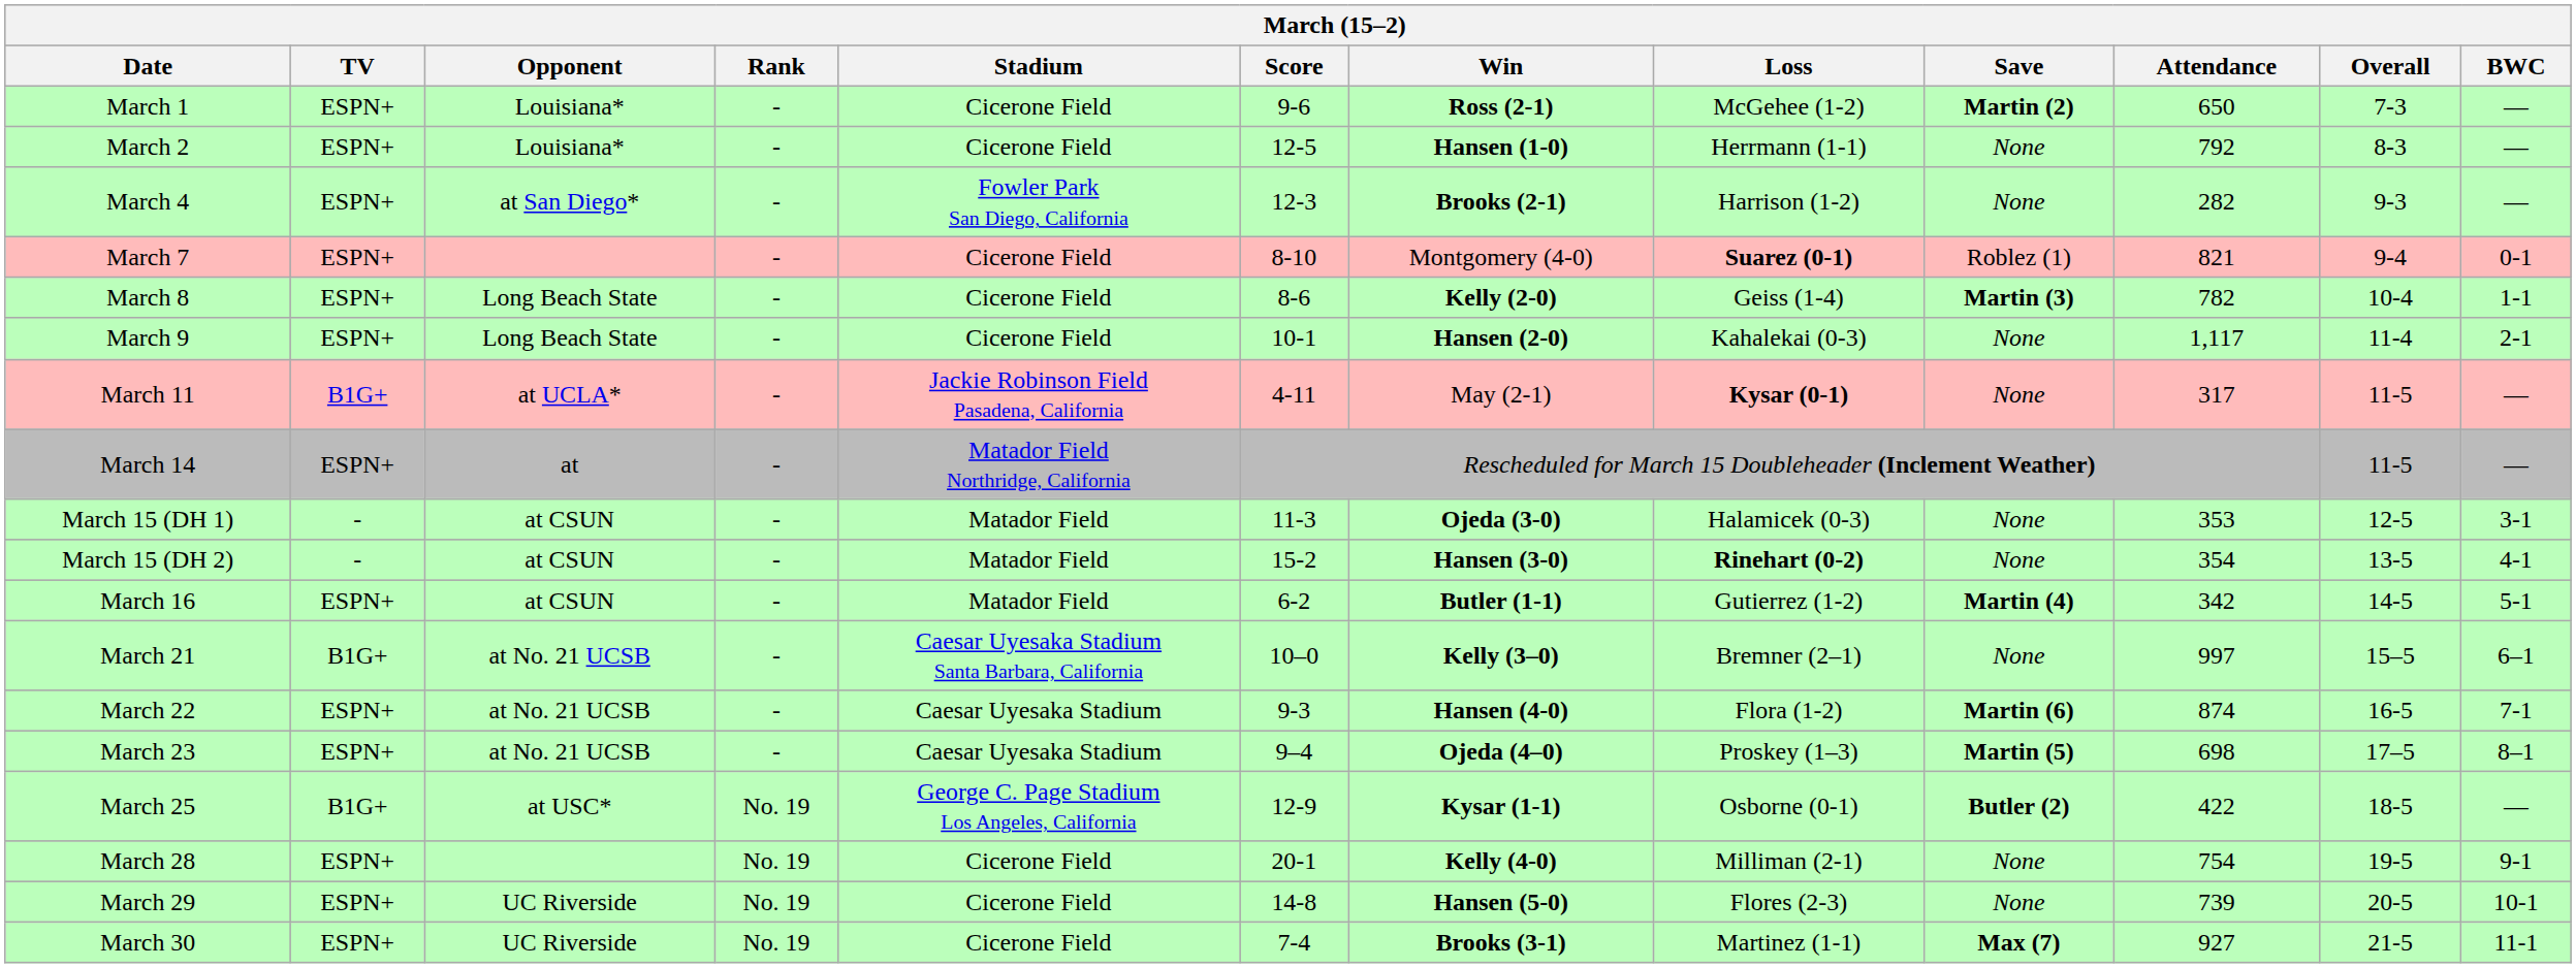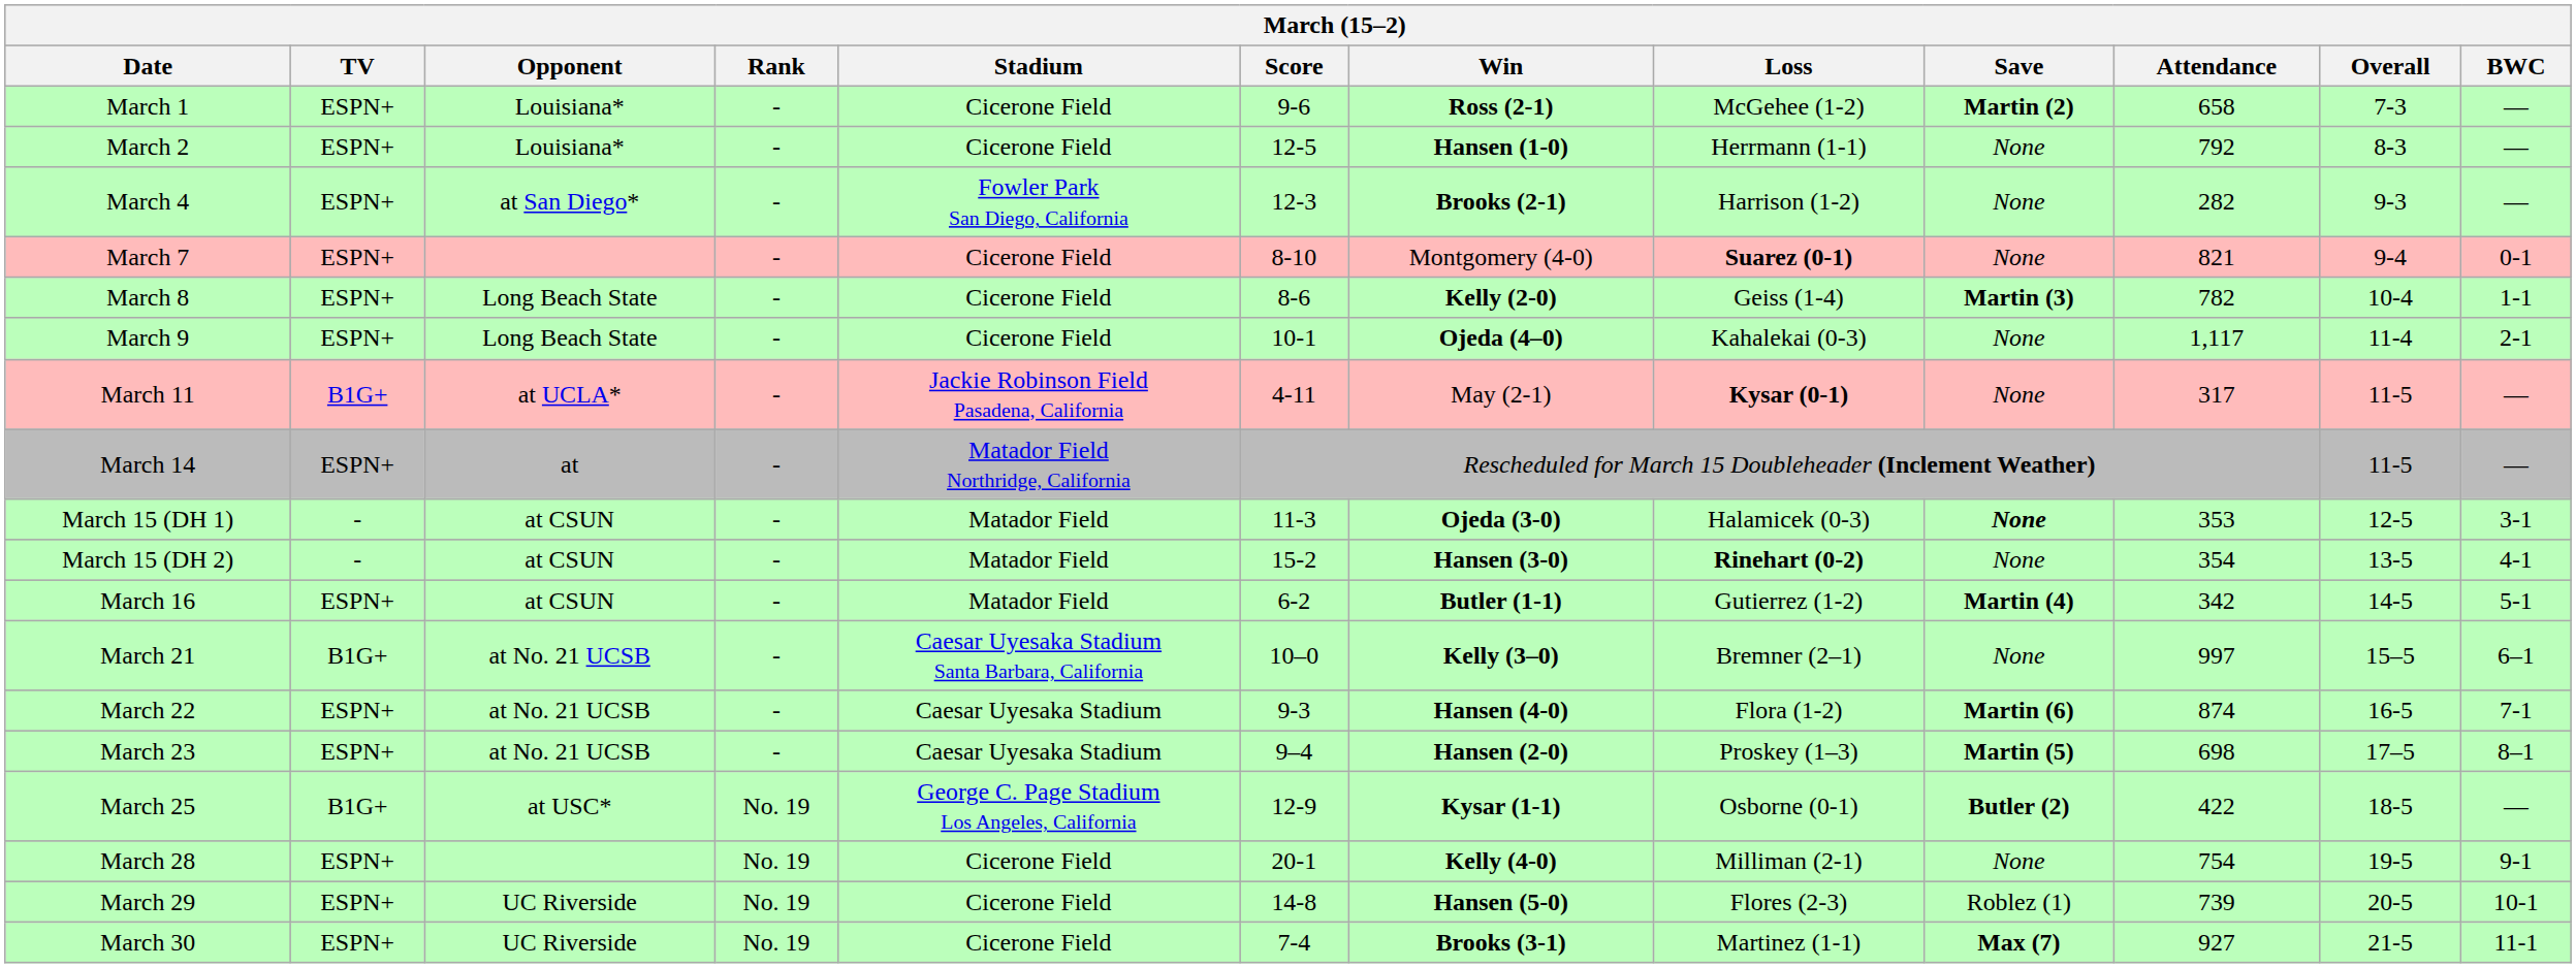 <table class="wikitable collapsible collapsed" style="margin:auto; width:100%; text-align:center; font-size:95%">
 <tr>
 <th colspan=12 style="padding-left:4em;">March (15–2)</th>
 </tr>
 <tr>
 <th bgcolor="#DDDDFF">Date</th>
 <th bgcolor="#DDDDFF">TV</th>
 <th bgcolor="#DDDDFF">Opponent</th>
 <th bgcolor="#DDDDFF">Rank</th>
 <th bgcolor="#DDDDFF">Stadium</th>
 <th bgcolor="#DDDDFF">Score</th>
 <th bgcolor="#DDDDFF">Win</th>
 <th bgcolor="#DDDDFF">Loss</th>
 <th bgcolor="#DDDDFF">Save</th>
 <th bgcolor="#DDDDFF">Attendance</th>
 <th bgcolor="#DDDDFF">Overall</th>
 <th bgcolor="#DDDDFF">BWC</th>
 </tr>
 <tr bgcolor="bbffbb">
 <td>March 1</td>
 <td>ESPN+</td>
 <td>Louisiana*</td>
 <td>-</td>
 <td>Cicerone Field</td>
 <td>9-6</td>
 <td><strong>Ross (2-1)</strong></td>
 <td>McGehee (1-2)</td>
 <td><strong>Martin (2)</strong></td>
-<td>650</td>
+<td>658</td>
 <td>7-3</td>
 <td>—</td>
 </tr>
 <tr bgcolor="bbffbb">
 <td>March 2</td>
 <td>ESPN+</td>
 <td>Louisiana*</td>
 <td>-</td>
 <td>Cicerone Field</td>
 <td>12-5</td>
 <td><strong>Hansen (1-0)</strong></td>
 <td>Herrmann (1-1)</td>
 <td><em>None</em></td>
 <td>792</td>
 <td>8-3</td>
 <td>—</td>
 </tr>
 <tr bgcolor="bbffbb">
 <td>March 4</td>
 <td>ESPN+</td>
 <td>at <a href='#'>San Diego</a>*</td>
 <td>-</td>
 <td><a href='#'>Fowler Park</a><br><small><a href='#'>San Diego, California</a></small></td>
 <td>12-3</td>
 <td><strong>Brooks (2-1)</strong></td>
 <td>Harrison (1-2)</td>
 <td><em>None</em></td>
 <td>282</td>
 <td>9-3</td>
 <td>—</td>
 </tr>
 <tr bgcolor="ffbbbb">
 <td>March 7</td>
 <td>ESPN+</td>
 <td></td>
 <td>-</td>
 <td>Cicerone Field</td>
 <td>8-10</td>
 <td>Montgomery (4-0)</td>
 <td><strong>Suarez (0-1)</strong></td>
-<td>Roblez (1)</td>
+<td><em>None</em></td>
 <td>821</td>
 <td>9-4</td>
 <td>0-1</td>
 </tr>
 <tr bgcolor="bbffbb">
 <td>March 8</td>
 <td>ESPN+</td>
 <td>Long Beach State</td>
 <td>-</td>
 <td>Cicerone Field</td>
 <td>8-6</td>
 <td><strong>Kelly (2-0)</strong></td>
 <td>Geiss (1-4)</td>
 <td><strong>Martin (3)</strong></td>
 <td>782</td>
 <td>10-4</td>
 <td>1-1</td>
 </tr>
 <tr bgcolor="bbffbb">
 <td>March 9</td>
 <td>ESPN+</td>
 <td>Long Beach State</td>
 <td>-</td>
 <td>Cicerone Field</td>
 <td>10-1</td>
-<td><strong>Hansen (2-0)</strong></td>
+<td><strong>Ojeda (4–0)</strong></td>
 <td>Kahalekai (0-3)</td>
 <td><em>None</em></td>
 <td>1,117</td>
 <td>11-4</td>
 <td>2-1</td>
 </tr>
 <tr bgcolor="ffbbbb">
 <td>March 11</td>
 <td><a href='#'>B1G+</a></td>
 <td>at <a href='#'>UCLA</a>*</td>
 <td>-</td>
 <td><a href='#'>Jackie Robinson Field</a><br><small><a href='#'>Pasadena, California</a></small></td>
 <td>4-11</td>
 <td>May (2-1)</td>
 <td><strong>Kysar (0-1)</strong></td>
 <td><em>None</em></td>
 <td>317</td>
 <td>11-5</td>
 <td>—</td>
 </tr>
 <tr bgcolor="bbbbbb">
 <td>March 14</td>
 <td>ESPN+</td>
 <td>at </td>
 <td>-</td>
 <td><a href='#'>Matador Field</a><br><small><a href='#'>Northridge, California</a></small></td>
 <td colspan="5"><em>Rescheduled for March 15 Doubleheader</em> <strong>(Inclement Weather)</strong></td>
 <td>11-5</td>
 <td>—</td>
 </tr>
 <tr bgcolor="bbffbb">
 <td>March 15 (DH 1)</td>
 <td>-</td>
 <td>at CSUN</td>
 <td>-</td>
 <td>Matador Field</td>
 <td>11-3</td>
 <td><strong>Ojeda (3-0)</strong></td>
 <td>Halamicek (0-3)</td>
-<td><em>None</em></td>
+<td><strong><em>None</em></strong></td>
 <td>353</td>
 <td>12-5</td>
 <td>3-1</td>
 </tr>
 <tr bgcolor="bbffbb">
 <td>March 15 (DH 2)</td>
 <td>-</td>
 <td>at CSUN</td>
 <td>-</td>
 <td>Matador Field</td>
 <td>15-2</td>
 <td><strong>Hansen (3-0)</strong></td>
 <td><strong>Rinehart (0-2)</strong></td>
 <td><em>None</em></td>
 <td>354</td>
 <td>13-5</td>
 <td>4-1</td>
 </tr>
 <tr bgcolor="bbffbb">
 <td>March 16</td>
 <td>ESPN+</td>
 <td>at CSUN</td>
 <td>-</td>
 <td>Matador Field</td>
 <td>6-2</td>
 <td><strong>Butler (1-1)</strong></td>
 <td>Gutierrez (1-2)</td>
 <td><strong>Martin (4)</strong></td>
 <td>342</td>
 <td>14-5</td>
 <td>5-1</td>
 </tr>
 <tr bgcolor="bbffbb">
 <td>March 21</td>
 <td>B1G+</td>
 <td>at No. 21 <a href='#'>UCSB</a></td>
 <td>-</td>
 <td><a href='#'>Caesar Uyesaka Stadium</a><br><small><a href='#'>Santa Barbara, California</a></small></td>
 <td>10–0</td>
 <td><strong>Kelly (3–0)</strong></td>
 <td>Bremner (2–1)</td>
 <td><em>None</em></td>
 <td>997</td>
 <td>15–5</td>
 <td>6–1</td>
 </tr>
 <tr bgcolor="bbffbb">
 <td>March 22</td>
 <td>ESPN+</td>
 <td>at No. 21 UCSB</td>
 <td>-</td>
 <td>Caesar Uyesaka Stadium</td>
 <td>9-3</td>
 <td><strong>Hansen (4-0)</strong></td>
 <td>Flora (1-2)</td>
 <td><strong>Martin (6)</strong></td>
 <td>874</td>
 <td>16-5</td>
 <td>7-1</td>
 </tr>
 <tr bgcolor="bbffbb">
 <td>March 23</td>
 <td>ESPN+</td>
 <td>at No. 21 UCSB</td>
 <td>-</td>
 <td>Caesar Uyesaka Stadium</td>
 <td>9–4</td>
-<td><strong>Ojeda (4–0)</strong></td>
+<td><strong>Hansen (2-0)</strong></td>
 <td>Proskey (1–3)</td>
 <td><strong>Martin (5)</strong></td>
 <td>698</td>
 <td>17–5</td>
 <td>8–1</td>
 </tr>
 <tr bgcolor="bbffbb">
 <td>March 25</td>
 <td>B1G+</td>
 <td>at USC*</td>
 <td>No. 19</td>
 <td><a href='#'>George C. Page Stadium</a><br><small><a href='#'>Los Angeles, California</a></small></td>
 <td>12-9</td>
 <td><strong>Kysar (1-1)</strong></td>
 <td>Osborne (0-1)</td>
 <td><strong>Butler (2)</strong></td>
 <td>422</td>
 <td>18-5</td>
 <td>—</td>
 </tr>
 <tr bgcolor="bbffbb">
 <td>March 28</td>
 <td>ESPN+</td>
 <td></td>
 <td>No. 19</td>
 <td>Cicerone Field</td>
 <td>20-1</td>
 <td><strong>Kelly (4-0)</strong></td>
 <td>Milliman (2-1)</td>
 <td><em>None</em></td>
 <td>754</td>
 <td>19-5</td>
 <td>9-1</td>
 </tr>
 <tr bgcolor="bbffbb">
 <td>March 29</td>
 <td>ESPN+</td>
 <td>UC Riverside</td>
 <td>No. 19</td>
 <td>Cicerone Field</td>
 <td>14-8</td>
 <td><strong>Hansen (5-0)</strong></td>
 <td>Flores (2-3)</td>
-<td><em>None</em></td>
+<td>Roblez (1)</td>
 <td>739</td>
 <td>20-5</td>
 <td>10-1</td>
 </tr>
 <tr bgcolor="bbffbb">
 <td>March 30</td>
 <td>ESPN+</td>
 <td>UC Riverside</td>
 <td>No. 19</td>
 <td>Cicerone Field</td>
 <td>7-4</td>
 <td><strong>Brooks (3-1)</strong></td>
 <td>Martinez (1-1)</td>
 <td><strong>Max (7)</strong></td>
 <td>927</td>
 <td>21-5</td>
 <td>11-1</td>
 </tr>
 </table>
